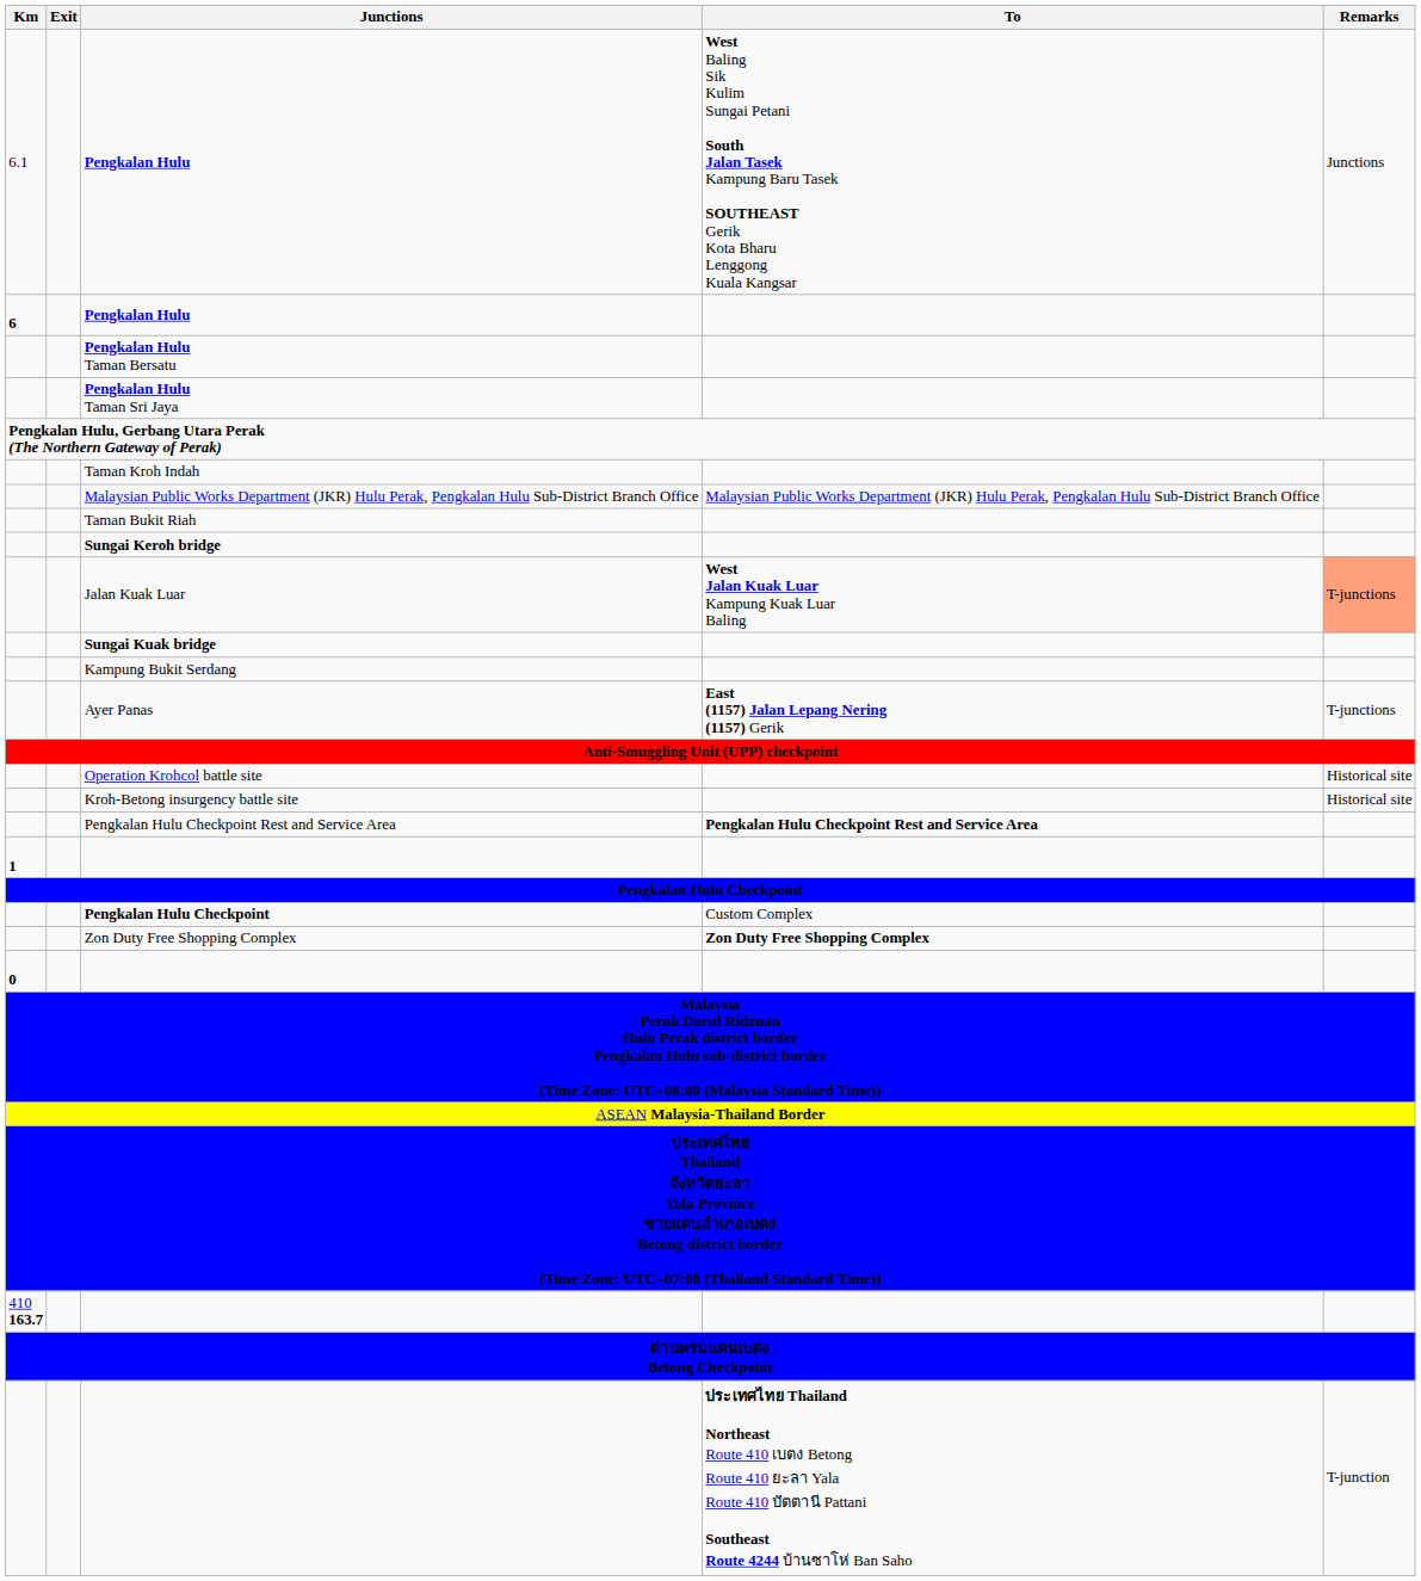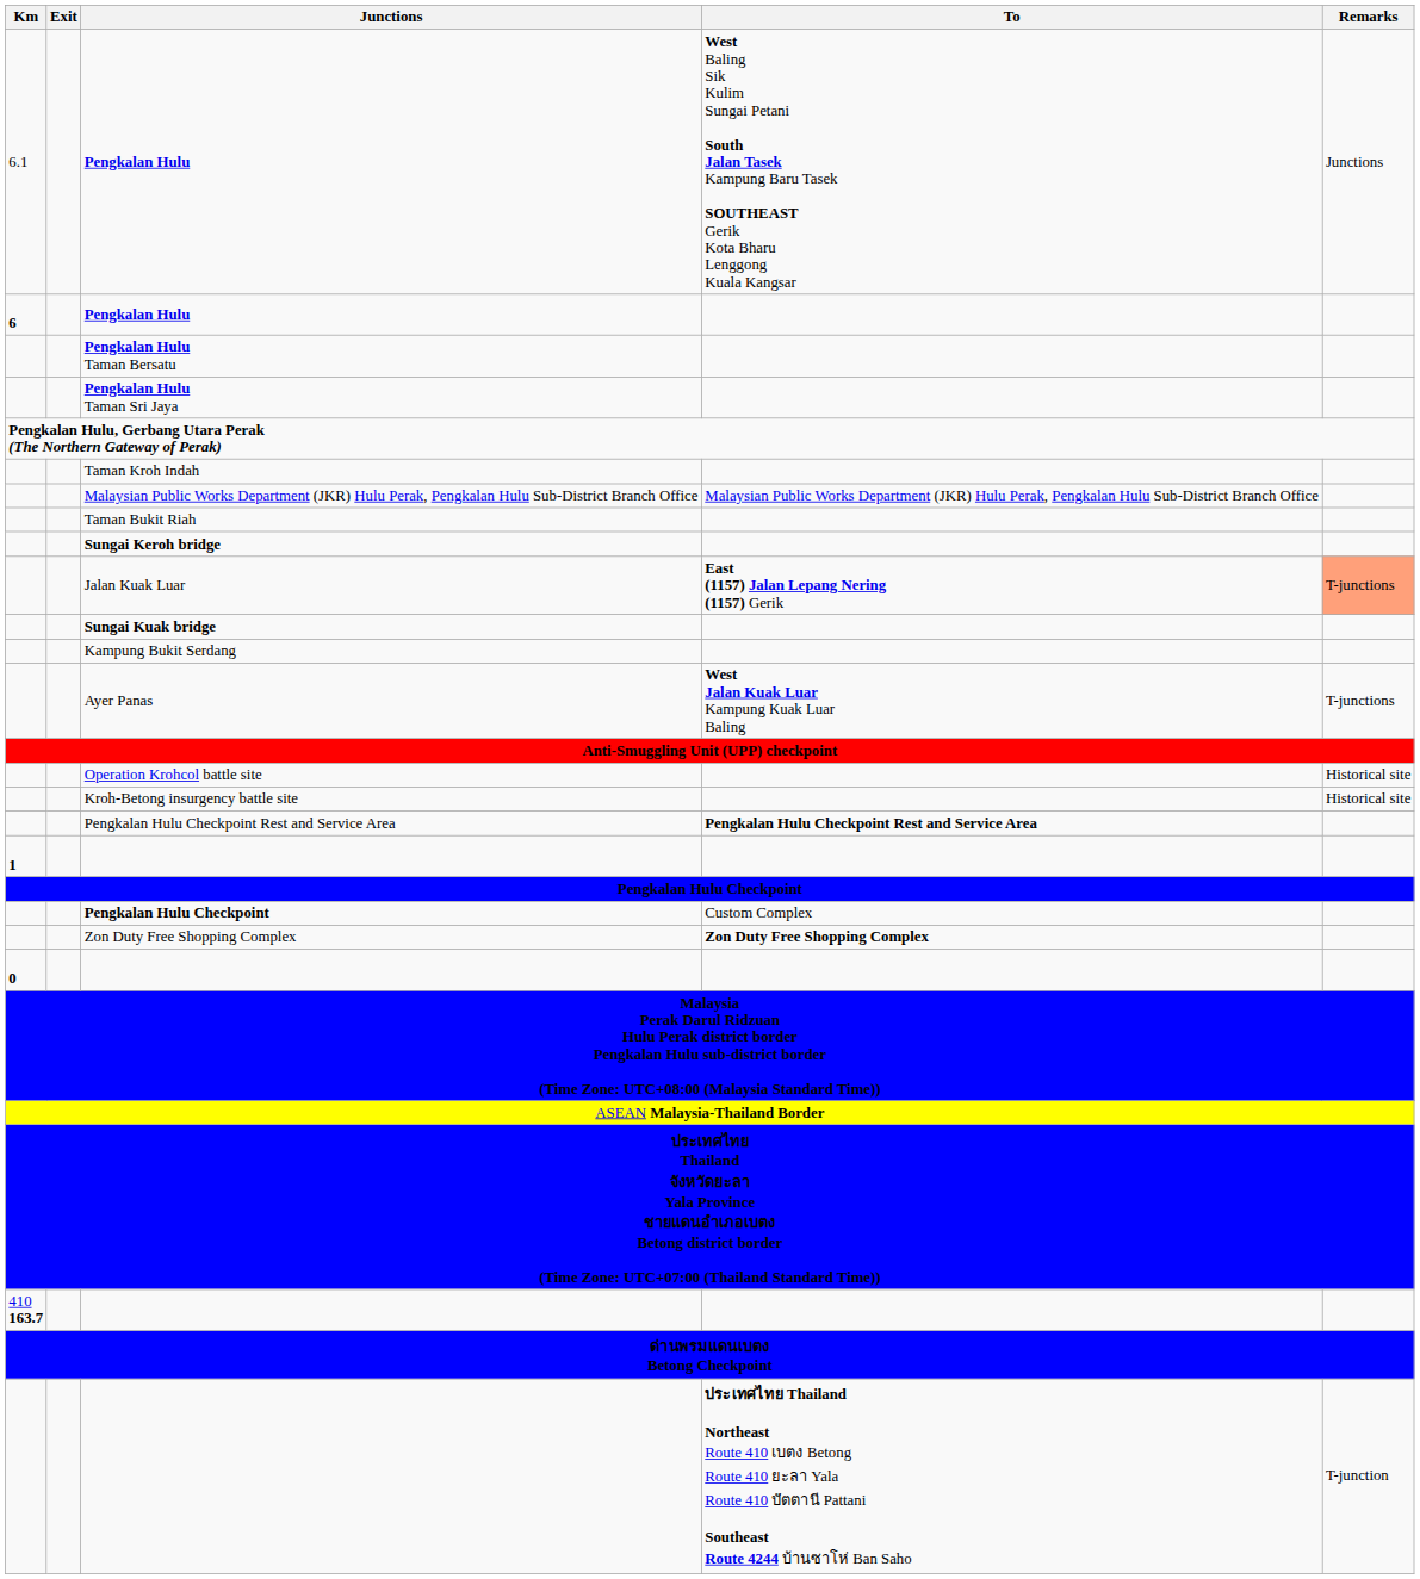 <table class="wikitable">
 <tr>
 <th>Km</th>
 <th>Exit</th>
 <th>Junctions</th>
 <th>To</th>
 <th>Remarks</th>
 </tr>
 <tr>
 <td>6.1</td>
 <td></td>
 <td><strong><a href='#'>Pengkalan Hulu</a></strong></td>
 <td><strong>West</strong><br> Baling<br> Sik<br> Kulim<br> Sungai Petani<br><br><strong>South</strong><br> <strong><a href='#'>Jalan Tasek</a></strong><br>Kampung Baru Tasek<br><br><strong>SOUTHEAST</strong><br> Gerik<br>  Kota Bharu<br> Lenggong<br> Kuala Kangsar</td>
 <td>Junctions</td>
 </tr>
 <tr>
 <td><br><strong>6</strong></td>
 <td></td>
 <td><strong><a href='#'>Pengkalan Hulu</a></strong></td>
 <td></td>
 <td></td>
 </tr>
 <tr>
 <td></td>
 <td></td>
 <td><strong><a href='#'>Pengkalan Hulu</a></strong><br>Taman Bersatu</td>
 <td></td>
 <td></td>
 </tr>
 <tr>
 <td></td>
 <td></td>
 <td><strong><a href='#'>Pengkalan Hulu</a></strong><br>Taman Sri Jaya</td>
 <td></td>
 <td></td>
 </tr>
 <tr>
 <td style="width:600px" colspan="6" style="text-align:center; background:white;"><strong><span>Pengkalan Hulu, Gerbang Utara Perak<br><em>(The Northern Gateway of Perak)</em><br></span></strong></td>
 </tr>
 <tr>
 <td></td>
 <td></td>
 <td>Taman Kroh Indah</td>
 <td></td>
 <td></td>
 </tr>
 <tr>
 <td></td>
 <td></td>
 <td><a href='#'>Malaysian Public Works Department</a> (JKR) <a href='#'>Hulu Perak</a>, <a href='#'>Pengkalan Hulu</a> Sub-District Branch Office</td>
 <td><a href='#'>Malaysian Public Works Department</a> (JKR) <a href='#'>Hulu Perak</a>, <a href='#'>Pengkalan Hulu</a> Sub-District Branch Office</td>
 <td></td>
 </tr>
 <tr>
 <td></td>
 <td></td>
 <td>Taman Bukit Riah</td>
 <td></td>
 <td></td>
 </tr>
 <tr>
 <td></td>
 <td></td>
 <td><strong>Sungai Keroh bridge</strong></td>
 <td></td>
 <td></td>
 </tr>
 <tr>
 <td></td>
 <td></td>
 <td>Jalan Kuak Luar</td>
-<td><strong>West</strong><br> <strong><a href='#'>Jalan Kuak Luar</a></strong><br>Kampung Kuak Luar<br>Baling</td>
+<td><strong>East</strong><br> <strong>(1157)</strong> <strong><a href='#'>Jalan Lepang Nering</a></strong><br> <strong>(1157)</strong> Gerik</td>
 <td style="background: lightsalmon;">T-junctions</td>
 </tr>
 <tr>
 <td></td>
 <td></td>
 <td><strong>Sungai Kuak bridge</strong></td>
 <td></td>
 <td></td>
 </tr>
 <tr>
 <td></td>
 <td></td>
 <td>Kampung Bukit Serdang</td>
 <td></td>
 <td></td>
 </tr>
 <tr>
 <td></td>
 <td></td>
 <td>Ayer Panas</td>
-<td><strong>East</strong><br> <strong>(1157)</strong> <strong><a href='#'>Jalan Lepang Nering</a></strong><br> <strong>(1157)</strong> Gerik</td>
+<td><strong>West</strong><br> <strong><a href='#'>Jalan Kuak Luar</a></strong><br>Kampung Kuak Luar<br>Baling</td>
 <td>T-junctions</td>
 </tr>
 <tr>
 <td colspan="6" style="width:600px; text-align:center; background:red;"><strong><span>Anti-Smuggling Unit (UPP) checkpoint</span></strong></td>
 </tr>
 <tr>
 <td></td>
 <td></td>
 <td><a href='#'>Operation Krohcol</a> battle site</td>
 <td></td>
 <td>Historical site</td>
 </tr>
 <tr>
 <td></td>
 <td></td>
 <td>Kroh-Betong insurgency battle site</td>
 <td></td>
 <td>Historical site</td>
 </tr>
 <tr>
 <td></td>
 <td></td>
 <td> Pengkalan Hulu Checkpoint Rest and Service Area</td>
 <td> <strong>Pengkalan Hulu Checkpoint Rest and Service Area</strong><br>       </td>
 <td></td>
 </tr>
 <tr>
 <td><br><strong>1</strong></td>
 <td></td>
 <td></td>
 <td></td>
 <td></td>
 </tr>
 <tr>
 <td colspan="6" style="width:600px; text-align:center; background:blue;"><strong><span>Pengkalan Hulu Checkpoint<br></span></strong></td>
 </tr>
 <tr>
 <td></td>
 <td></td>
 <td><strong>Pengkalan Hulu Checkpoint</strong></td>
 <td>Custom Complex</td>
 <td></td>
 </tr>
 <tr>
 <td></td>
 <td></td>
 <td> Zon Duty Free Shopping Complex</td>
 <td> <strong>Zon Duty Free Shopping Complex</strong><br>       </td>
 <td></td>
 </tr>
 <tr>
 <td><br><strong>0</strong></td>
 <td></td>
 <td></td>
 <td></td>
 <td></td>
 </tr>
 <tr>
 <td colspan="6" style="width:600px; text-align:center; background:blue;"><strong><span>Malaysia<br>Perak Darul Ridzuan<br>Hulu Perak district border<br>Pengkalan Hulu sub-district border<br><br>(Time Zone: UTC+08:00 (Malaysia Standard Time))</span></strong></td>
 </tr>
 <tr>
 <td colspan="6" style="width:600px; text-align:center; background:yellow;"><span><a href='#'>ASEAN</a> <strong>Malaysia-Thailand Border</strong></span></td>
 </tr>
 <tr>
 <td colspan="6" style="width:600px; text-align:center; background:blue;"><strong><span>ประเทศไทย<br>Thailand<br>จังหวัดยะลา<br>Yala Province<br>ชายแดนอำเภอเบตง<br>Betong district border<br><br>(Time Zone: UTC+07:00 (Thailand Standard Time))</span></strong></td>
 </tr>
 <tr>
 <td> <a href='#'>410</a><br><strong>163.7</strong></td>
 <td></td>
 <td></td>
 <td></td>
 </tr>
 <tr>
 <td colspan="6" style="width:600px; text-align:center; background:blue;"><strong><span>ด่านพรมแดนเบตง<br>Betong Checkpoint</span></strong></td>
 </tr>
 <tr>
 <td></td>
 <td></td>
 <td></td>
 <td> <strong>ประเทศไทย Thailand</strong><br><br><strong>Northeast</strong><br><a href='#'>Route 410</a> เบตง  Betong<br><a href='#'>Route 410</a> ยะลา  Yala<br><a href='#'>Route 410</a> ปัตตานี  Pattani<br><br><strong>Southeast</strong><br><strong><a href='#'>Route 4244</a></strong> บ้านซาโห่  Ban Saho</td>
 <td>T-junction</td>
 </tr>
 </table>
